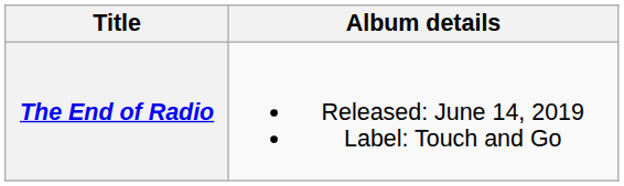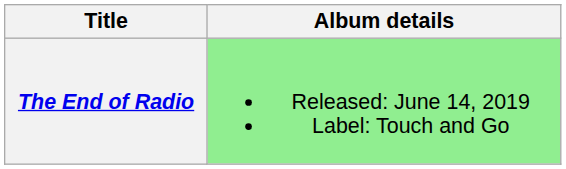 <table class="wikitable plainrowheaders" style="text-align:center;">
 <tr>
 <th scope="col" style="width:9em;">Title</th>
 <th scope="col" style="width:16em;">Album details</th>
 </tr>
 <tr>
 <th scope="row"><em><a href='#'>The End of Radio</a></em></th>
-<td><br><ul><li>Released: June 14, 2019</li><li>Label: Touch and Go</li></ul></td>
+<td style="background: lightgreen;"><br><ul><li>Released: June 14, 2019</li><li>Label: Touch and Go</li></ul></td>
 </tr>
 </table>
